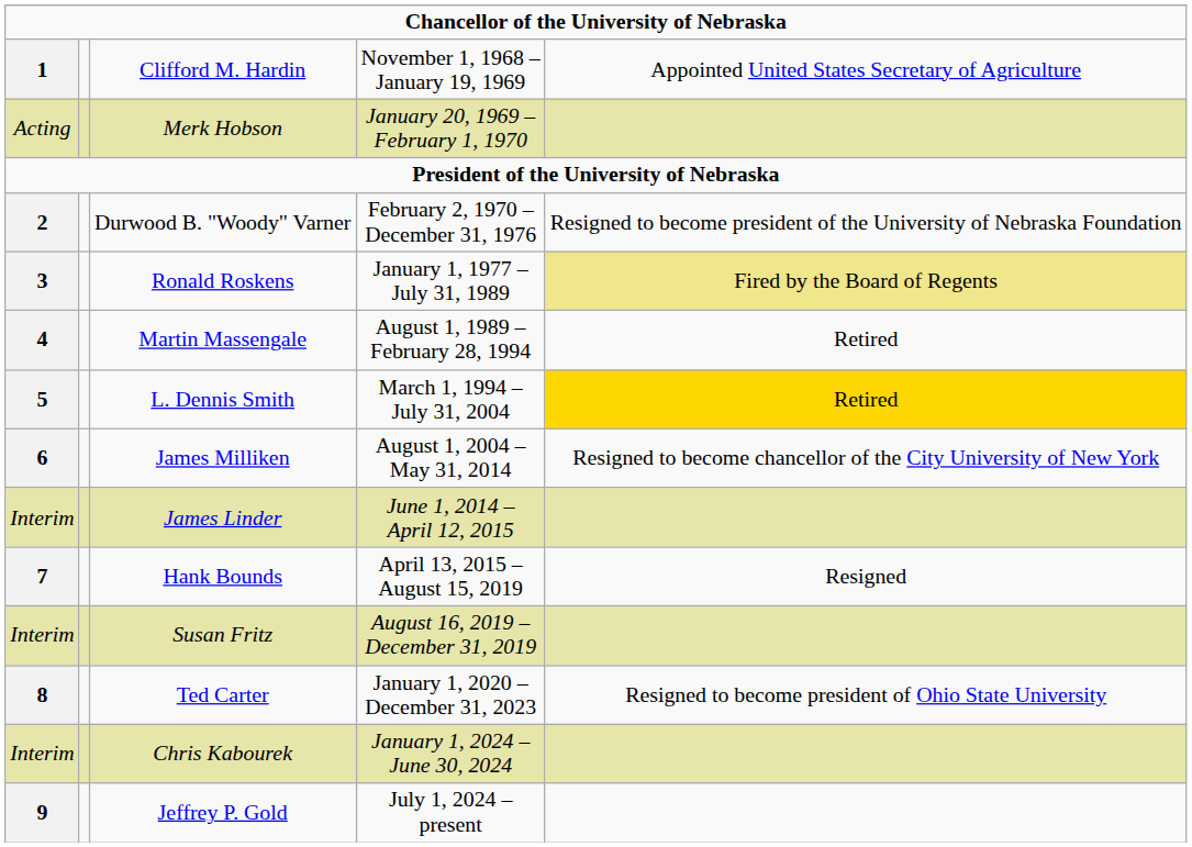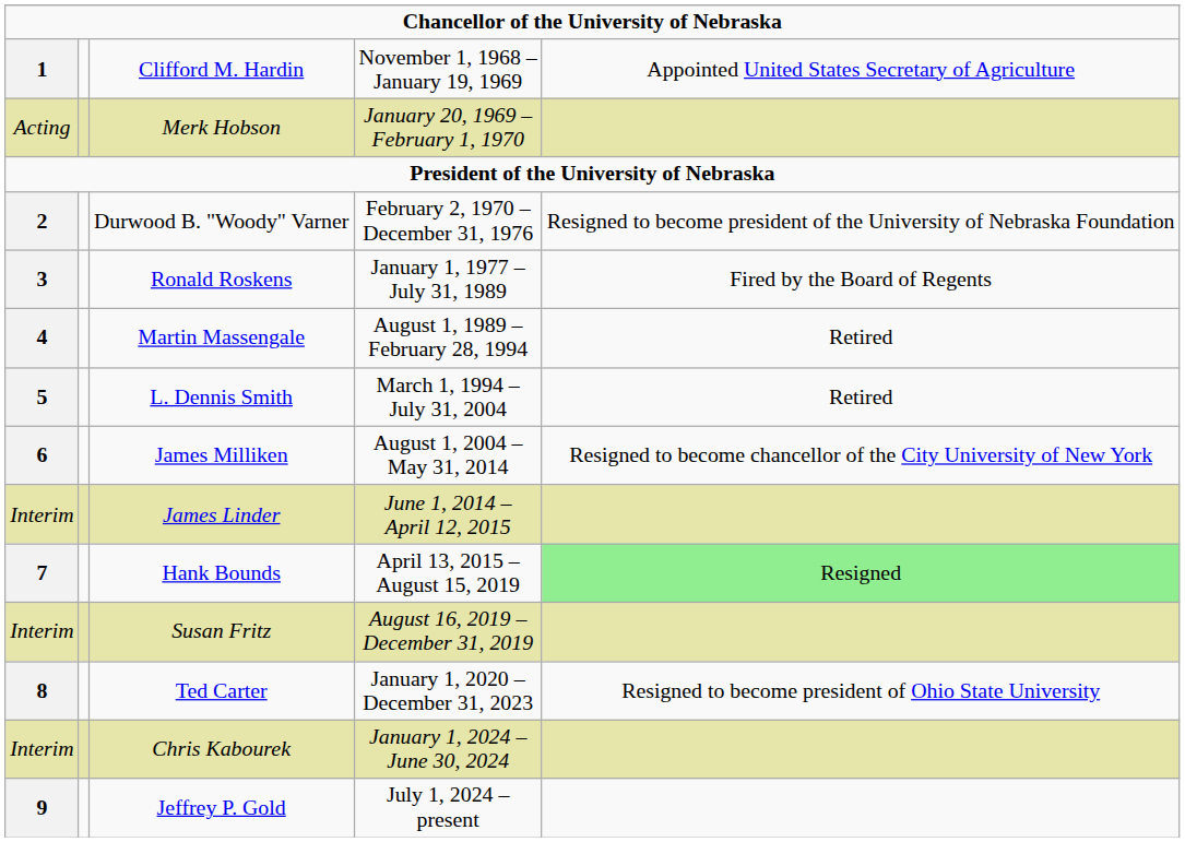 <table class="wikitable" style="text-align:center;">
 <tr>
 </tr>
 <tr>
 <td colspan=5><strong>Chancellor of the University of Nebraska</strong> </td>
 </tr>
 <tr>
 <th>1</th>
 <td></td>
 <td><a href='#'>Clifford M. Hardin</a> <br> </td>
 <td>November 1, 1968 – <br>January 19, 1969</td>
 <td>Appointed <a href='#'>United States Secretary of Agriculture</a></td>
 </tr>
 <tr bgcolor="#e6e6aa">
 <td><em>Acting</em></td>
 <td></td>
 <td><em>Merk Hobson</em> <br> </td>
 <td><em>January 20, 1969 – <br>February 1, 1970</em></td>
 <td></td>
 </tr>
 <tr>
 <td colspan=5><strong>President of the University of Nebraska</strong> </td>
 </tr>
 <tr>
 <th>2</th>
 <td></td>
 <td>Durwood B. "Woody" Varner <br> </td>
 <td>February 2, 1970 – <br>December 31, 1976</td>
 <td>Resigned to become president of the University of Nebraska Foundation</td>
 </tr>
 <tr>
 <th>3</th>
 <td></td>
 <td><a href='#'>Ronald Roskens</a> <br> </td>
 <td>January 1, 1977 – <br>July 31, 1989</td>
-<td style="background: khaki;">Fired by the Board of Regents</td>
+<td>Fired by the Board of Regents</td>
 </tr>
 <tr>
 <th>4</th>
 <td></td>
 <td><a href='#'>Martin Massengale</a> <br> </td>
 <td>August 1, 1989 – <br>February 28, 1994</td>
 <td>Retired</td>
 </tr>
 <tr>
 <th>5</th>
 <td></td>
 <td><a href='#'>L. Dennis Smith</a> <br> </td>
 <td>March 1, 1994 – <br>July 31, 2004</td>
-<td style="background: gold;">Retired</td>
+<td>Retired</td>
 </tr>
 <tr>
 <th>6</th>
 <td></td>
 <td><a href='#'>James Milliken</a> <br> </td>
 <td>August 1, 2004 – <br>May 31, 2014</td>
 <td>Resigned to become chancellor of the <a href='#'>City University of New York</a></td>
 </tr>
 <tr bgcolor="#e6e6aa">
 <td><em>Interim</em></td>
 <td></td>
 <td><em><a href='#'>James Linder</a></em></td>
 <td><em>June 1, 2014 – <br>April 12, 2015</em></td>
 <td></td>
 </tr>
 <tr>
 <th>7</th>
 <td></td>
 <td><a href='#'>Hank Bounds</a> <br> </td>
 <td>April 13, 2015 – <br>August 15, 2019</td>
-<td>Resigned</td>
+<td style="background: lightgreen;">Resigned</td>
 </tr>
 <tr bgcolor="#e6e6aa">
 <td><em>Interim</em></td>
 <td></td>
 <td><em>Susan Fritz</em></td>
 <td><em>August 16, 2019 – <br>December 31, 2019</em></td>
 <td></td>
 </tr>
 <tr>
 <th>8</th>
 <td></td>
 <td><a href='#'>Ted Carter</a> <br> </td>
 <td>January 1, 2020 – <br>December 31, 2023</td>
 <td>Resigned to become president of <a href='#'>Ohio State University</a></td>
 </tr>
 <tr bgcolor="#e6e6aa">
 <td><em>Interim</em></td>
 <td></td>
 <td><em>Chris Kabourek</em></td>
 <td><em>January 1, 2024 – <br>June 30, 2024</em></td>
 <td></td>
 </tr>
 <tr>
 <th>9</th>
 <td></td>
 <td><a href='#'>Jeffrey P. Gold</a> <br> </td>
 <td>July 1, 2024 – <br>present</td>
 <td></td>
 </tr>
 </table>
